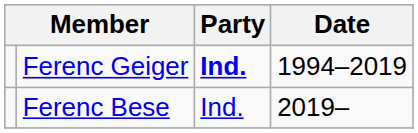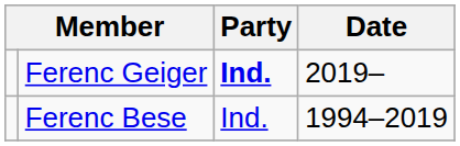 <table class=wikitable>
 <tr>
 <th colspan=2>Member</th>
 <th>Party</th>
 <th>Date</th>
 </tr>
 <tr>
 <td style="background-color:"></td>
 <td><a href='#'>Ferenc Geiger</a></td>
 <td><strong><a href='#'>Ind.</a></strong></td>
-<td>1994–2019</td>
+<td>2019–</td>
 </tr>
 <tr>
 <td style="background-color:"></td>
 <td><a href='#'>Ferenc Bese</a></td>
 <td><a href='#'>Ind.</a></td>
-<td>2019–</td>
+<td>1994–2019</td>
 </tr>
 </table>
